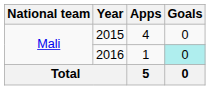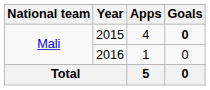 <table class=wikitable style="text-align: center;">
 <tr>
 <th>National team</th>
 <th>Year</th>
 <th>Apps</th>
 <th>Goals</th>
 </tr>
 <tr>
 <td rowspan="2"><a href='#'>Mali</a></td>
 <td>2015</td>
 <td>4</td>
-<td>0</td>
+<td><strong>0</strong></td>
 </tr>
 <tr>
 <td>2016</td>
 <td>1</td>
-<td style="background: paleturquoise;">0</td>
+<td>0</td>
 </tr>
 <tr>
 <th colspan="2">Total</th>
 <th>5</th>
 <th>0</th>
 </tr>
 </table>
